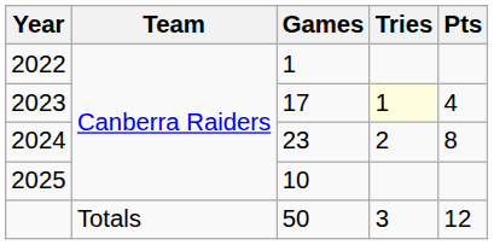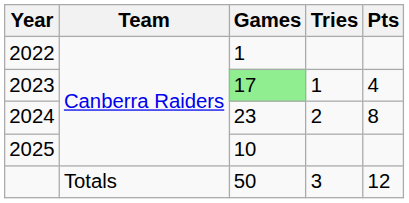 <table class="wikitable">
 <tr>
 <th>Year</th>
 <th>Team</th>
 <th>Games</th>
 <th>Tries</th>
 <th>Pts</th>
 </tr>
 <tr>
 <td>2022</td>
 <td rowspan="4"> <a href='#'>Canberra Raiders</a></td>
 <td>1</td>
 <td></td>
 <td></td>
 </tr>
 <tr>
 <td>2023</td>
-<td>17</td>
-<td style="background: lightyellow;">1</td>
+<td style="background: lightgreen;">17</td>
+<td>1</td>
 <td>4</td>
 </tr>
 <tr>
 <td>2024</td>
 <td>23</td>
 <td>2</td>
 <td>8</td>
 </tr>
 <tr>
 <td>2025</td>
 <td>10</td>
 <td></td>
 <td></td>
 </tr>
 <tr>
 <td></td>
 <td>Totals</td>
 <td>50</td>
 <td>3</td>
 <td>12</td>
 </tr>
 </table>
